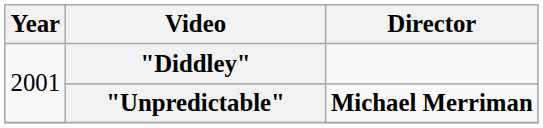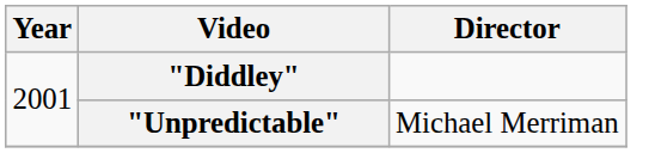 <table class="wikitable plainrowheaders">
 <tr>
 <th>Year</th>
 <th style="width:10em;">Video</th>
 <th>Director</th>
 </tr>
 <tr>
 <td rowspan="2">2001</td>
 <th scope="row">"Diddley"</th>
 <td></td>
 </tr>
 <tr>
 <th scope="row">"Unpredictable"</th>
-<td><strong>Michael Merriman</strong></td>
+<td>Michael Merriman</td>
 </tr>
 <tr>
 </tr>
 </table>
